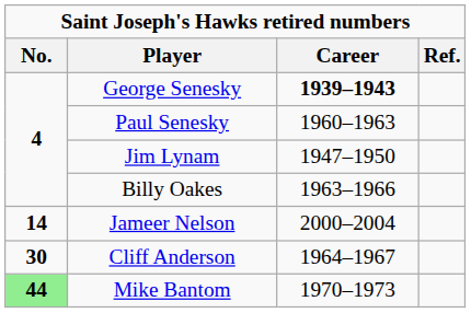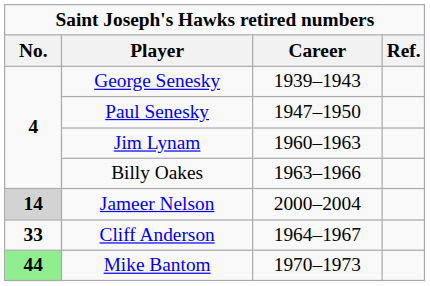 <table class="wikitable sortable" style="text-align:center">
 <tr>
 <td colspan=6><strong>Saint Joseph's Hawks retired numbers</strong></td>
 </tr>
 <tr>
 <th width=40px>No.</th>
 <th width=150px>Player</th>
 <th width=100px>Career</th>
 <th width=px>Ref.</th>
 </tr>
 <tr>
 <td rowspan=4><strong>4</strong></td>
 <td><a href='#'>George Senesky</a></td>
-<td><strong>1939–1943</strong></td>
+<td>1939–1943</td>
 <td></td>
 </tr>
 <tr>
 <td><a href='#'>Paul Senesky</a></td>
-<td>1960–1963</td>
+<td>1947–1950</td>
 <td></td>
 </tr>
 <tr>
 <td><a href='#'>Jim Lynam</a></td>
-<td>1947–1950</td>
+<td>1960–1963</td>
 <td></td>
 </tr>
 <tr>
 <td>Billy Oakes</td>
 <td>1963–1966</td>
 <td></td>
 </tr>
 <tr>
-<td><strong>14</strong></td>
+<td style="background: lightgrey;"><strong>14</strong></td>
 <td><a href='#'>Jameer Nelson</a></td>
 <td>2000–2004</td>
 <td></td>
 </tr>
 <tr>
-<td><strong>30</strong></td>
+<td><strong>33</strong></td>
 <td><a href='#'>Cliff Anderson</a></td>
 <td>1964–1967</td>
 <td></td>
 </tr>
 <tr>
 <td style="background: lightgreen;"><strong>44</strong></td>
 <td><a href='#'>Mike Bantom</a></td>
 <td>1970–1973</td>
 <td></td>
 </tr>
 </table>
